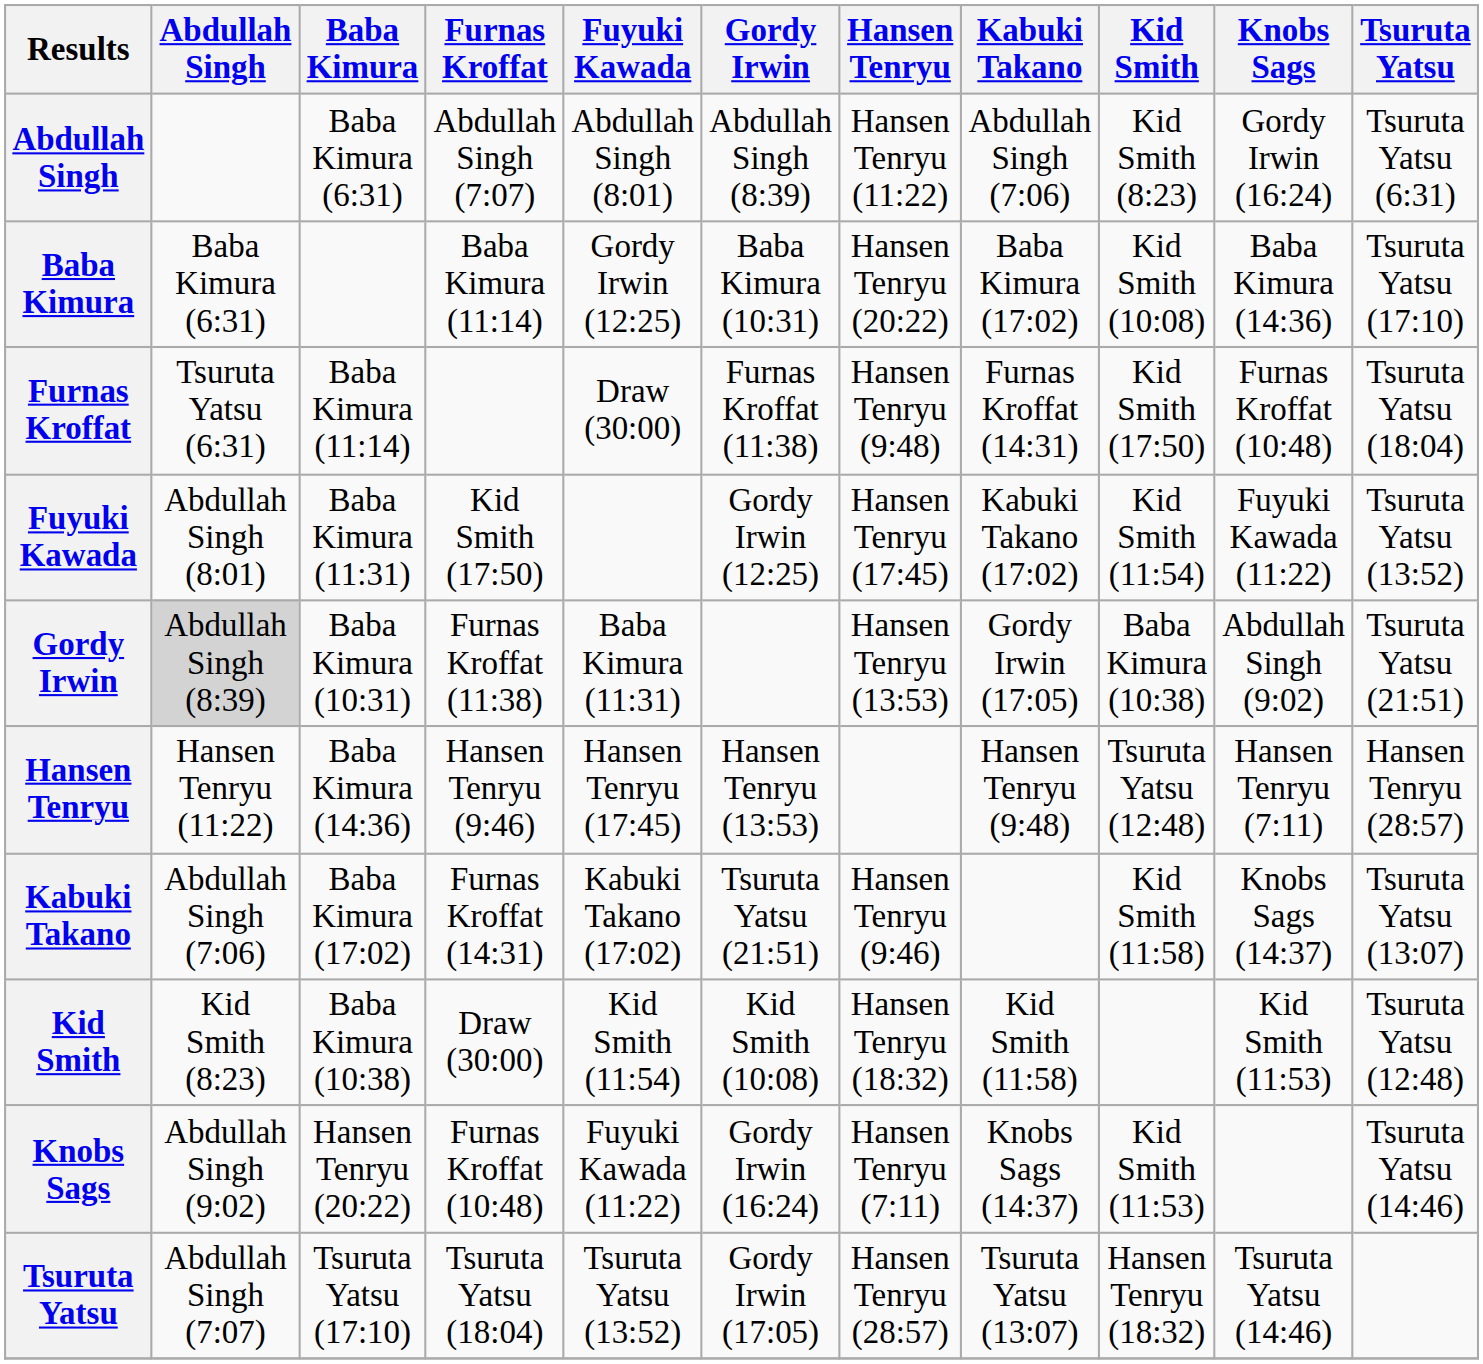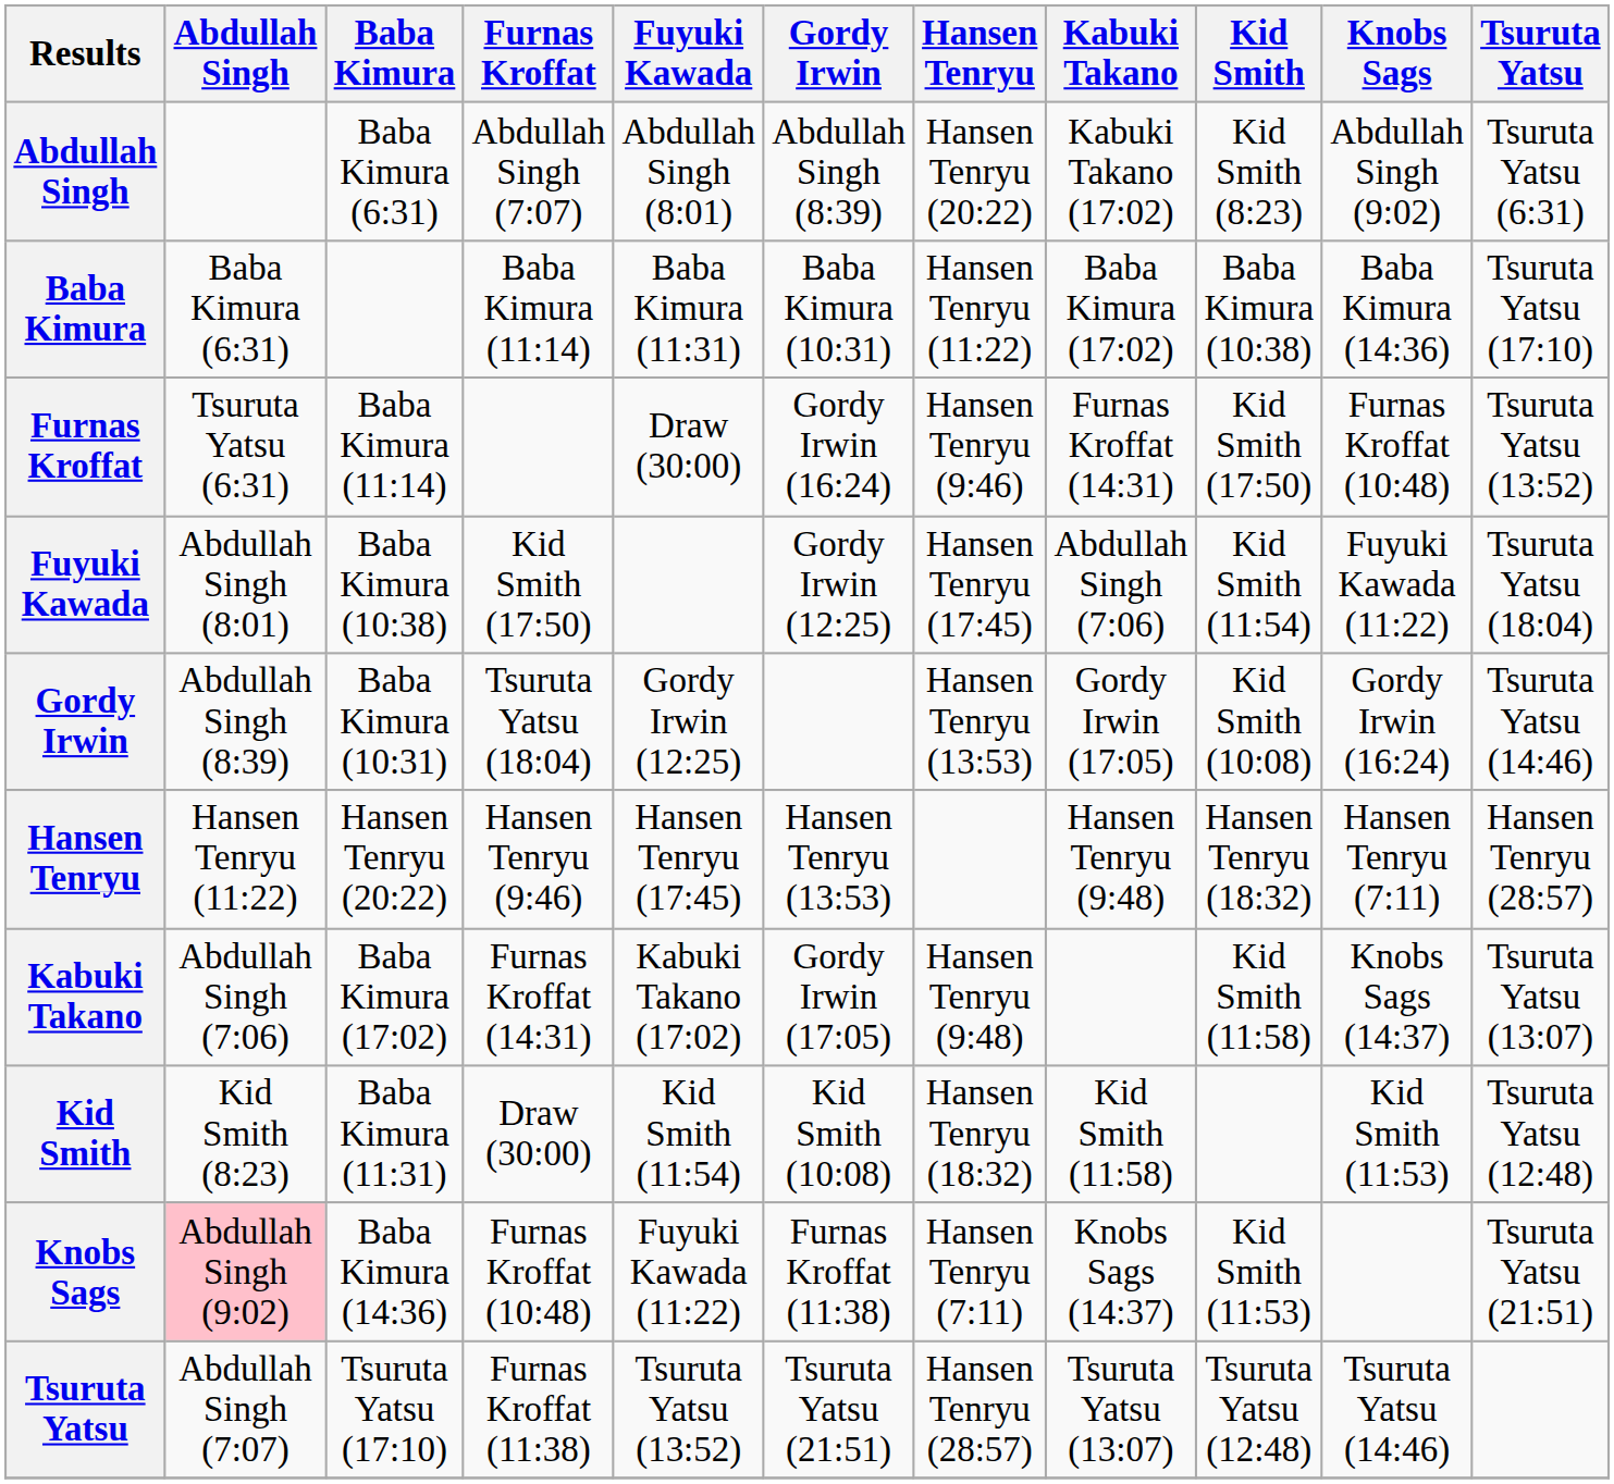 <table class="wikitable" style="text-align:center; margin: 1em auto 1em auto">
 <tr>
 <th>Results</th>
 <th><a href='#'>Abdullah</a><br><a href='#'>Singh</a></th>
 <th><a href='#'>Baba</a><br><a href='#'>Kimura</a></th>
 <th><a href='#'>Furnas</a><br><a href='#'>Kroffat</a></th>
 <th><a href='#'>Fuyuki</a><br><a href='#'>Kawada</a></th>
 <th><a href='#'>Gordy</a><br><a href='#'>Irwin</a></th>
 <th><a href='#'>Hansen</a><br><a href='#'>Tenryu</a></th>
 <th><a href='#'>Kabuki</a><br><a href='#'>Takano</a></th>
 <th><a href='#'>Kid</a><br><a href='#'>Smith</a></th>
 <th><a href='#'>Knobs</a><br><a href='#'>Sags</a></th>
 <th><a href='#'>Tsuruta</a><br><a href='#'>Yatsu</a></th>
 </tr>
 <tr>
 <th><a href='#'>Abdullah</a><br><a href='#'>Singh</a></th>
 <td></td>
 <td>Baba<br>Kimura<br>(6:31)</td>
 <td>Abdullah<br>Singh<br>(7:07)</td>
 <td>Abdullah<br>Singh<br>(8:01)</td>
 <td>Abdullah<br>Singh<br>(8:39)</td>
-<td>Hansen<br>Tenryu<br>(11:22)</td>
-<td>Abdullah<br>Singh<br>(7:06)</td>
+<td>Hansen<br>Tenryu<br>(20:22)</td>
+<td>Kabuki<br>Takano<br>(17:02)</td>
 <td>Kid<br>Smith<br>(8:23)</td>
-<td>Gordy<br>Irwin<br>(16:24)</td>
+<td>Abdullah<br>Singh<br>(9:02)</td>
 <td>Tsuruta<br>Yatsu<br>(6:31)</td>
 </tr>
 <tr>
 <th><a href='#'>Baba</a><br><a href='#'>Kimura</a></th>
 <td>Baba<br>Kimura<br>(6:31)</td>
 <td></td>
 <td>Baba<br>Kimura<br>(11:14)</td>
-<td>Gordy<br>Irwin<br>(12:25)</td>
+<td>Baba<br>Kimura<br>(11:31)</td>
 <td>Baba<br>Kimura<br>(10:31)</td>
-<td>Hansen<br>Tenryu<br>(20:22)</td>
+<td>Hansen<br>Tenryu<br>(11:22)</td>
 <td>Baba<br>Kimura<br>(17:02)</td>
-<td>Kid<br>Smith<br>(10:08)</td>
+<td>Baba<br>Kimura<br>(10:38)</td>
 <td>Baba<br>Kimura<br>(14:36)</td>
 <td>Tsuruta<br>Yatsu<br>(17:10)</td>
 </tr>
 <tr>
 <th><a href='#'>Furnas</a><br><a href='#'>Kroffat</a></th>
 <td>Tsuruta<br>Yatsu<br>(6:31)</td>
 <td>Baba<br>Kimura<br>(11:14)</td>
 <td></td>
 <td>Draw<br>(30:00)</td>
-<td>Furnas<br>Kroffat<br>(11:38)</td>
-<td>Hansen<br>Tenryu<br>(9:48)</td>
+<td>Gordy<br>Irwin<br>(16:24)</td>
+<td>Hansen<br>Tenryu<br>(9:46)</td>
 <td>Furnas<br>Kroffat<br>(14:31)</td>
 <td>Kid<br>Smith<br>(17:50)</td>
 <td>Furnas<br>Kroffat<br>(10:48)</td>
-<td>Tsuruta<br>Yatsu<br>(18:04)</td>
+<td>Tsuruta<br>Yatsu<br>(13:52)</td>
 </tr>
 <tr>
 <th><a href='#'>Fuyuki</a><br><a href='#'>Kawada</a></th>
 <td>Abdullah<br>Singh<br>(8:01)</td>
-<td>Baba<br>Kimura<br>(11:31)</td>
+<td>Baba<br>Kimura<br>(10:38)</td>
 <td>Kid<br>Smith<br>(17:50)</td>
 <td></td>
 <td>Gordy<br>Irwin<br>(12:25)</td>
 <td>Hansen<br>Tenryu<br>(17:45)</td>
-<td>Kabuki<br>Takano<br>(17:02)</td>
+<td>Abdullah<br>Singh<br>(7:06)</td>
 <td>Kid<br>Smith<br>(11:54)</td>
 <td>Fuyuki<br>Kawada<br>(11:22)</td>
-<td>Tsuruta<br>Yatsu<br>(13:52)</td>
+<td>Tsuruta<br>Yatsu<br>(18:04)</td>
 </tr>
 <tr>
 <th><a href='#'>Gordy</a><br><a href='#'>Irwin</a></th>
-<td style="background: lightgrey;">Abdullah<br>Singh<br>(8:39)</td>
+<td>Abdullah<br>Singh<br>(8:39)</td>
 <td>Baba<br>Kimura<br>(10:31)</td>
-<td>Furnas<br>Kroffat<br>(11:38)</td>
-<td>Baba<br>Kimura<br>(11:31)</td>
+<td>Tsuruta<br>Yatsu<br>(18:04)</td>
+<td>Gordy<br>Irwin<br>(12:25)</td>
 <td></td>
 <td>Hansen<br>Tenryu<br>(13:53)</td>
 <td>Gordy<br>Irwin<br>(17:05)</td>
-<td>Baba<br>Kimura<br>(10:38)</td>
-<td>Abdullah<br>Singh<br>(9:02)</td>
-<td>Tsuruta<br>Yatsu<br>(21:51)</td>
+<td>Kid<br>Smith<br>(10:08)</td>
+<td>Gordy<br>Irwin<br>(16:24)</td>
+<td>Tsuruta<br>Yatsu<br>(14:46)</td>
 </tr>
 <tr>
 <th><a href='#'>Hansen</a><br><a href='#'>Tenryu</a></th>
 <td>Hansen<br>Tenryu<br>(11:22)</td>
-<td>Baba<br>Kimura<br>(14:36)</td>
+<td>Hansen<br>Tenryu<br>(20:22)</td>
 <td>Hansen<br>Tenryu<br>(9:46)</td>
 <td>Hansen<br>Tenryu<br>(17:45)</td>
 <td>Hansen<br>Tenryu<br>(13:53)</td>
 <td></td>
 <td>Hansen<br>Tenryu<br>(9:48)</td>
-<td>Tsuruta<br>Yatsu<br>(12:48)</td>
+<td>Hansen<br>Tenryu<br>(18:32)</td>
 <td>Hansen<br>Tenryu<br>(7:11)</td>
 <td>Hansen<br>Tenryu<br>(28:57)</td>
 </tr>
 <tr>
 <th><a href='#'>Kabuki</a><br><a href='#'>Takano</a></th>
 <td>Abdullah<br>Singh<br>(7:06)</td>
 <td>Baba<br>Kimura<br>(17:02)</td>
 <td>Furnas<br>Kroffat<br>(14:31)</td>
 <td>Kabuki<br>Takano<br>(17:02)</td>
-<td>Tsuruta<br>Yatsu<br>(21:51)</td>
-<td>Hansen<br>Tenryu<br>(9:46)</td>
+<td>Gordy<br>Irwin<br>(17:05)</td>
+<td>Hansen<br>Tenryu<br>(9:48)</td>
 <td></td>
 <td>Kid<br>Smith<br>(11:58)</td>
 <td>Knobs<br>Sags<br>(14:37)</td>
 <td>Tsuruta<br>Yatsu<br>(13:07)</td>
 </tr>
 <tr>
 <th><a href='#'>Kid</a><br><a href='#'>Smith</a></th>
 <td>Kid<br>Smith<br>(8:23)</td>
-<td>Baba<br>Kimura<br>(10:38)</td>
+<td>Baba<br>Kimura<br>(11:31)</td>
 <td>Draw<br>(30:00)</td>
 <td>Kid<br>Smith<br>(11:54)</td>
 <td>Kid<br>Smith<br>(10:08)</td>
 <td>Hansen<br>Tenryu<br>(18:32)</td>
 <td>Kid<br>Smith<br>(11:58)</td>
 <td></td>
 <td>Kid<br>Smith<br>(11:53)</td>
 <td>Tsuruta<br>Yatsu<br>(12:48)</td>
 </tr>
 <tr>
 <th><a href='#'>Knobs</a><br><a href='#'>Sags</a></th>
-<td>Abdullah<br>Singh<br>(9:02)</td>
-<td>Hansen<br>Tenryu<br>(20:22)</td>
+<td style="background: pink;">Abdullah<br>Singh<br>(9:02)</td>
+<td>Baba<br>Kimura<br>(14:36)</td>
 <td>Furnas<br>Kroffat<br>(10:48)</td>
 <td>Fuyuki<br>Kawada<br>(11:22)</td>
-<td>Gordy<br>Irwin<br>(16:24)</td>
+<td>Furnas<br>Kroffat<br>(11:38)</td>
 <td>Hansen<br>Tenryu<br>(7:11)</td>
 <td>Knobs<br>Sags<br>(14:37)</td>
 <td>Kid<br>Smith<br>(11:53)</td>
 <td></td>
-<td>Tsuruta<br>Yatsu<br>(14:46)</td>
+<td>Tsuruta<br>Yatsu<br>(21:51)</td>
 </tr>
 <tr>
 <th><a href='#'>Tsuruta</a><br><a href='#'>Yatsu</a></th>
 <td>Abdullah<br>Singh<br>(7:07)</td>
 <td>Tsuruta<br>Yatsu<br>(17:10)</td>
-<td>Tsuruta<br>Yatsu<br>(18:04)</td>
+<td>Furnas<br>Kroffat<br>(11:38)</td>
 <td>Tsuruta<br>Yatsu<br>(13:52)</td>
-<td>Gordy<br>Irwin<br>(17:05)</td>
+<td>Tsuruta<br>Yatsu<br>(21:51)</td>
 <td>Hansen<br>Tenryu<br>(28:57)</td>
 <td>Tsuruta<br>Yatsu<br>(13:07)</td>
-<td>Hansen<br>Tenryu<br>(18:32)</td>
+<td>Tsuruta<br>Yatsu<br>(12:48)</td>
 <td>Tsuruta<br>Yatsu<br>(14:46)</td>
 <td></td>
 </tr>
 <tr>
 </tr>
 </table>
